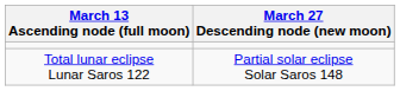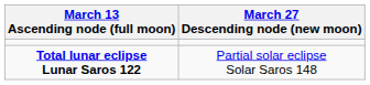 <table class="wikitable">
 <tr>
 <th><a href='#'>March 13</a><br>Ascending node (full moon)</th>
 <th><a href='#'>March 27</a><br>Descending node (new moon)<br></th>
 </tr>
 <tr>
 <td></td>
 <td></td>
 </tr>
 <tr align=center>
-<td><a href='#'>Total lunar eclipse</a><br>Lunar Saros 122</td>
+<td><strong><a href='#'>Total lunar eclipse</a><br>Lunar Saros 122</strong></td>
 <td><a href='#'>Partial solar eclipse</a><br>Solar Saros 148</td>
 </tr>
 </table>
